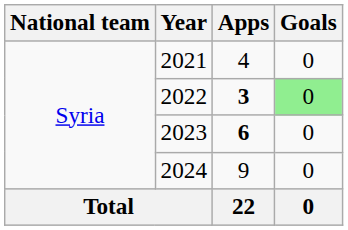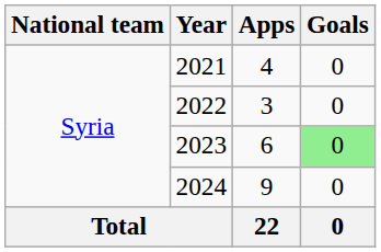 <table class="wikitable" style="text-align:center">
 <tr>
 <th>National team</th>
 <th>Year</th>
 <th>Apps</th>
 <th>Goals</th>
 </tr>
 <tr>
 <td rowspan="4"><a href='#'>Syria</a></td>
 <td>2021</td>
 <td>4</td>
 <td>0</td>
 </tr>
 <tr>
 <td>2022</td>
-<td><strong>3</strong></td>
-<td style="background: lightgreen;">0</td>
+<td>3</td>
+<td>0</td>
 </tr>
 <tr>
 <td>2023</td>
-<td><strong>6</strong></td>
-<td>0</td>
+<td>6</td>
+<td style="background: lightgreen;">0</td>
 </tr>
 <tr>
 <td>2024</td>
 <td>9</td>
 <td>0</td>
 </tr>
 <tr>
 <th colspan="2">Total</th>
 <th>22</th>
 <th>0</th>
 </tr>
 </table>
